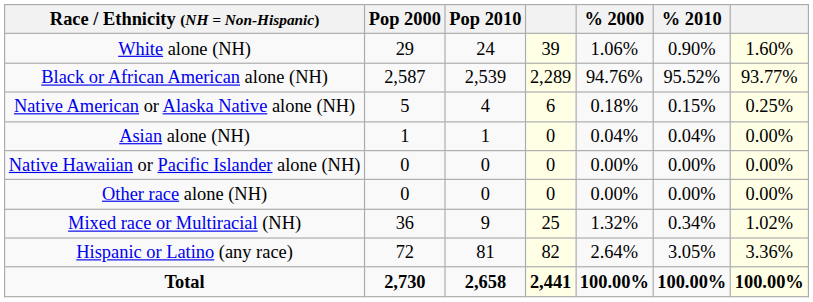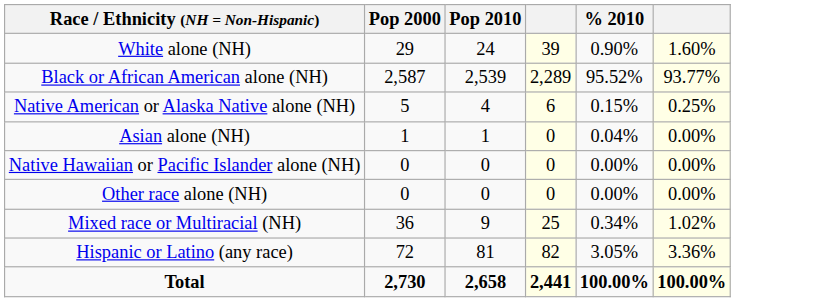 <table class="wikitable" style="text-align:center;">
 <tr>
 <th>Race / Ethnicity <small>(<em>NH = Non-Hispanic</em>)</small></th>
 <th>Pop 2000</th>
 <th>Pop 2010</th>
 <th></th>
-<th>% 2000</th>
 <th>% 2010</th>
 <th></th>
 </tr>
 <tr>
 <td><a href='#'>White</a> alone (NH)</td>
 <td>29</td>
 <td>24</td>
 <td style='background: #ffffe6;'>39</td>
-<td>1.06%</td>
 <td>0.90%</td>
 <td style='background: #ffffe6;'>1.60%</td>
 </tr>
 <tr>
 <td><a href='#'>Black or African American</a> alone (NH)</td>
 <td>2,587</td>
 <td>2,539</td>
 <td style='background: #ffffe6;'>2,289</td>
-<td>94.76%</td>
 <td>95.52%</td>
 <td style='background: #ffffe6;'>93.77%</td>
 </tr>
 <tr>
 <td><a href='#'>Native American</a> or <a href='#'>Alaska Native</a> alone (NH)</td>
 <td>5</td>
 <td>4</td>
 <td style='background: #ffffe6;'>6</td>
-<td>0.18%</td>
 <td>0.15%</td>
 <td style='background: #ffffe6;'>0.25%</td>
 </tr>
 <tr>
 <td><a href='#'>Asian</a> alone (NH)</td>
 <td>1</td>
 <td>1</td>
 <td style='background: #ffffe6;'>0</td>
 <td>0.04%</td>
-<td>0.04%</td>
 <td style='background: #ffffe6;'>0.00%</td>
 </tr>
 <tr>
 <td><a href='#'>Native Hawaiian</a> or <a href='#'>Pacific Islander</a> alone (NH)</td>
 <td>0</td>
 <td>0</td>
 <td style='background: #ffffe6;'>0</td>
-<td>0.00%</td>
 <td>0.00%</td>
 <td style='background: #ffffe6;'>0.00%</td>
 </tr>
 <tr>
 <td><a href='#'>Other race</a> alone (NH)</td>
 <td>0</td>
 <td>0</td>
 <td style='background: #ffffe6;'>0</td>
 <td>0.00%</td>
-<td>0.00%</td>
 <td style='background: #ffffe6;'>0.00%</td>
 </tr>
 <tr>
 <td><a href='#'>Mixed race or Multiracial</a> (NH)</td>
 <td>36</td>
 <td>9</td>
 <td style='background: #ffffe6;'>25</td>
-<td>1.32%</td>
 <td>0.34%</td>
 <td style='background: #ffffe6;'>1.02%</td>
 </tr>
 <tr>
 <td><a href='#'>Hispanic or Latino</a> (any race)</td>
 <td>72</td>
 <td>81</td>
 <td style='background: #ffffe6;'>82</td>
-<td>2.64%</td>
 <td>3.05%</td>
 <td style='background: #ffffe6;'>3.36%</td>
 </tr>
 <tr>
 <td><strong>Total</strong></td>
 <td><strong>2,730</strong></td>
 <td><strong>2,658</strong></td>
 <td style='background: #ffffe6;'><strong>2,441</strong></td>
 <td><strong>100.00%</strong></td>
-<td><strong>100.00%</strong></td>
 <td style='background: #ffffe6;'><strong>100.00%</strong></td>
 </tr>
 </table>
